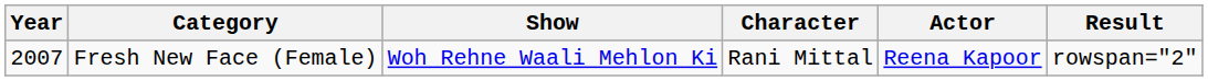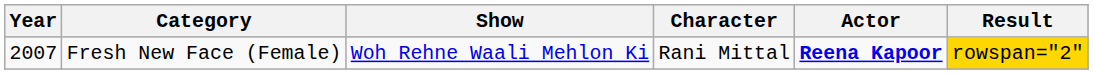 <table class="wikitable sortable">
 <tr>
 <th>Year</th>
 <th>Category</th>
 <th>Show</th>
 <th>Character</th>
 <th>Actor</th>
 <th>Result</th>
 </tr>
 <tr>
 <td rowspan="2">2007</td>
 <td>Fresh New Face (Female)</td>
 <td rowspan=2><a href='#'>Woh Rehne Waali Mehlon Ki</a></td>
 <td rowspan=2>Rani Mittal</td>
-<td rowspan2><a href='#'>Reena Kapoor</a></td>
-<td>rowspan="2" </td>
+<td rowspan2><strong><a href='#'>Reena Kapoor</a></strong></td>
+<td style="background: gold;">rowspan="2" </td>
 </tr>
 </table>
